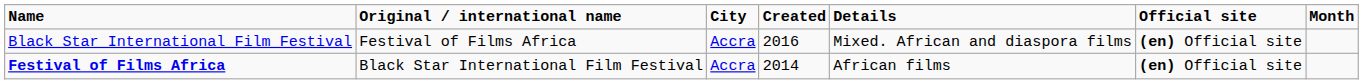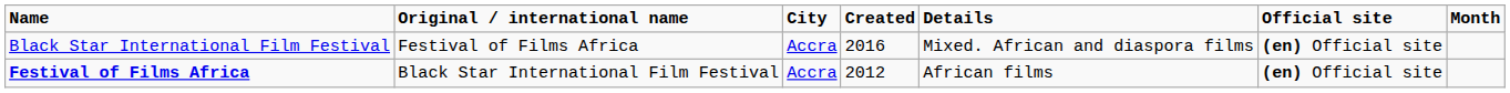 <table class="wikitable">
 <tr>
 <td><strong>Name</strong></td>
 <td><strong>Original / international name</strong></td>
 <td><strong>City</strong></td>
 <td><strong>Created</strong></td>
 <td><strong>Details</strong></td>
 <td><strong>Official site</strong></td>
 <td><strong>Month</strong></td>
 </tr>
 <tr>
 <td><a href='#'>Black Star International Film Festival</a></td>
 <td>Festival of Films Africa</td>
 <td><a href='#'>Accra</a></td>
 <td>2016</td>
 <td>Mixed. African and diaspora films</td>
 <td><strong>(en)</strong> Official site</td>
 <td></td>
 </tr>
 <tr>
 <td><strong><a href='#'>Festival of Films Africa</a></strong></td>
 <td>Black Star International Film Festival</td>
 <td><a href='#'>Accra</a></td>
-<td>2014</td>
+<td>2012</td>
 <td>African films</td>
 <td><strong>(en)</strong> Official site</td>
 <td></td>
 </tr>
 </table>
